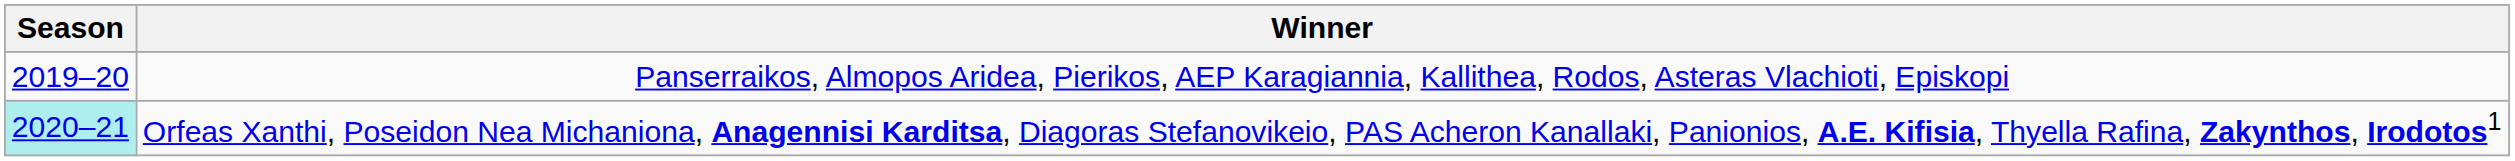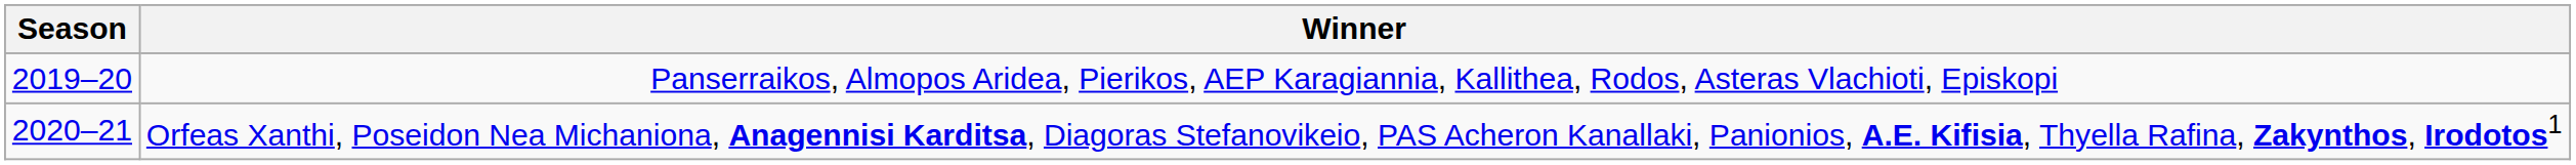 <table class="wikitable" style="text-align:center;">
 <tr>
 <th>Season</th>
 <th>Winner</th>
 </tr>
 <tr>
 <td style="text-align:center;"><a href='#'>2019–20</a></td>
 <td><a href='#'>Panserraikos</a>, <a href='#'>Almopos Aridea</a>, <a href='#'>Pierikos</a>, <a href='#'>AEP Karagiannia</a>, <a href='#'>Kallithea</a>, <a href='#'>Rodos</a>, <a href='#'>Asteras Vlachioti</a>, <a href='#'>Episkopi</a></td>
 </tr>
 <tr>
-<td style="background: paleturquoise; text-align:center;"><a href='#'>2020–21</a></td>
+<td style="text-align:center;"><a href='#'>2020–21</a></td>
 <td><a href='#'>Orfeas Xanthi</a>, <a href='#'>Poseidon Nea Michaniona</a>, <strong><a href='#'>Anagennisi Karditsa</a></strong>, <a href='#'>Diagoras Stefanovikeio</a>, <a href='#'>PAS Acheron Kanallaki</a>, <a href='#'>Panionios</a>, <strong><a href='#'>A.E. Kifisia</a></strong>, <a href='#'>Thyella Rafina</a>, <strong><a href='#'>Zakynthos</a></strong>, <strong><a href='#'>Irodotos</a></strong><sup>1</sup></td>
 </tr>
 </table>
